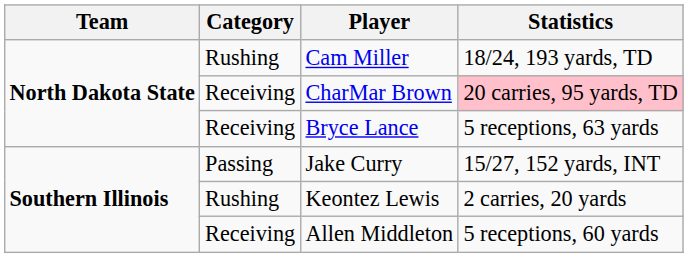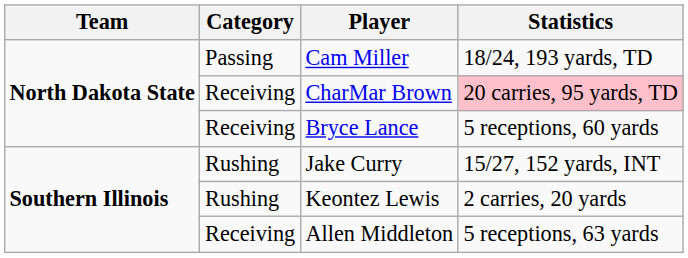 <table class="wikitable" style="float: right;">
 <tr>
 <th>Team</th>
 <th>Category</th>
 <th>Player</th>
 <th>Statistics</th>
 </tr>
 <tr>
 <td rowspan=3><strong>North Dakota State</strong></td>
-<td>Rushing</td>
+<td>Passing</td>
 <td><a href='#'>Cam Miller</a></td>
 <td>18/24, 193 yards, TD</td>
 </tr>
 <tr>
 <td>Receiving</td>
 <td><a href='#'>CharMar Brown</a></td>
 <td style="background: pink;">20 carries, 95 yards, TD</td>
 </tr>
 <tr>
 <td>Receiving</td>
 <td><a href='#'>Bryce Lance</a></td>
-<td>5 receptions, 63 yards</td>
+<td>5 receptions, 60 yards</td>
 </tr>
 <tr>
 <td rowspan=3><strong>Southern Illinois</strong></td>
-<td>Passing</td>
+<td>Rushing</td>
 <td>Jake Curry</td>
 <td>15/27, 152 yards, INT</td>
 </tr>
 <tr>
 <td>Rushing</td>
 <td>Keontez Lewis</td>
 <td>2 carries, 20 yards</td>
 </tr>
 <tr>
 <td>Receiving</td>
 <td>Allen Middleton</td>
-<td>5 receptions, 60 yards</td>
+<td>5 receptions, 63 yards</td>
 </tr>
 </table>
